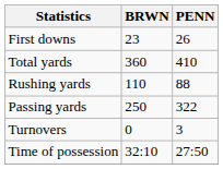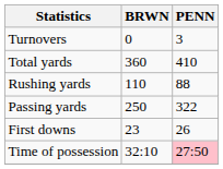 <table class="wikitable">
 <tr>
 <th>Statistics</th>
 <th>BRWN</th>
 <th>PENN</th>
 </tr>
 <tr>
-<td>First downs</td>
-<td>23</td>
-<td>26</td>
+<td>Turnovers</td>
+<td>0</td>
+<td>3</td>
 </tr>
 <tr>
 <td>Total yards</td>
 <td>360</td>
 <td>410</td>
 </tr>
 <tr>
 <td>Rushing yards</td>
 <td>110</td>
 <td>88</td>
 </tr>
 <tr>
 <td>Passing yards</td>
 <td>250</td>
 <td>322</td>
 </tr>
 <tr>
-<td>Turnovers</td>
-<td>0</td>
-<td>3</td>
+<td>First downs</td>
+<td>23</td>
+<td>26</td>
 </tr>
 <tr>
 <td>Time of possession</td>
 <td>32:10</td>
-<td>27:50</td>
+<td style="background: pink;">27:50</td>
 </tr>
 <tr>
 </tr>
 </table>
